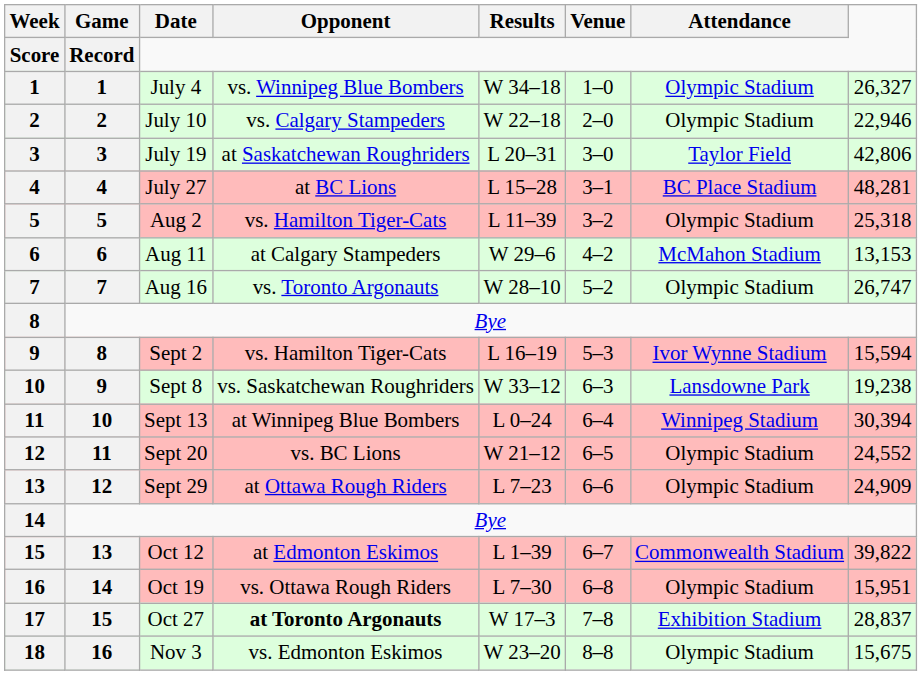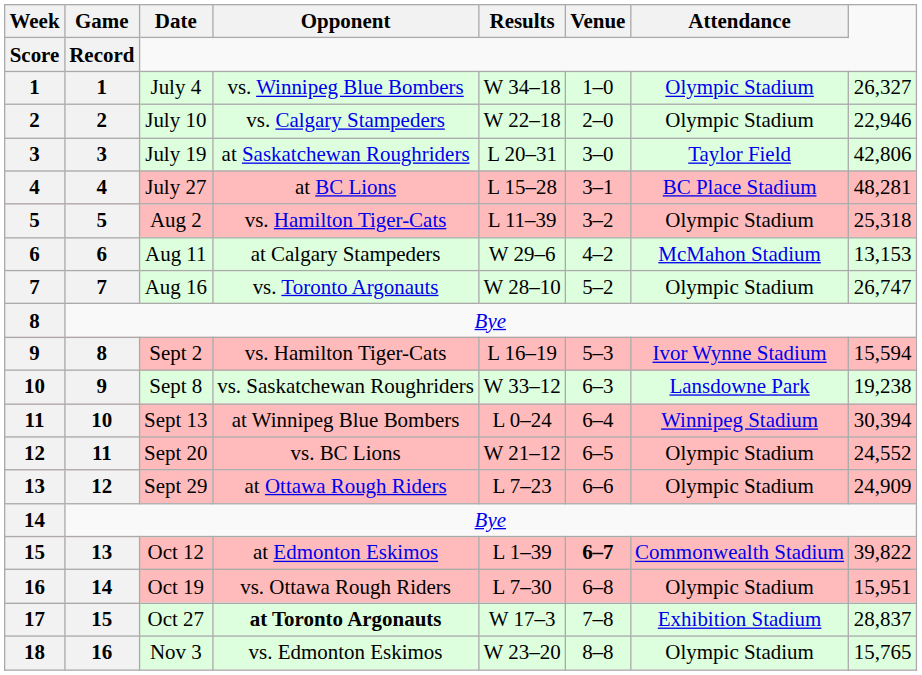 <table class="wikitable" style="text-align:center">
 <tr>
 <th>Week</th>
 <th>Game</th>
 <th>Date</th>
 <th>Opponent</th>
 <th>Results</th>
 <th>Venue</th>
 <th>Attendance</th>
 </tr>
 <tr>
 <th>Score</th>
 <th>Record</th>
 </tr>
 <tr style="background:#ddffdd">
 <th>1</th>
 <th>1</th>
 <td>July 4</td>
 <td>vs. <a href='#'>Winnipeg Blue Bombers</a></td>
 <td>W 34–18</td>
 <td>1–0</td>
 <td><a href='#'>Olympic Stadium</a></td>
 <td>26,327</td>
 </tr>
 <tr style="background:#ddffdd">
 <th>2</th>
 <th>2</th>
 <td>July 10</td>
 <td>vs. <a href='#'>Calgary Stampeders</a></td>
 <td>W 22–18</td>
 <td>2–0</td>
 <td>Olympic Stadium</td>
 <td>22,946</td>
 </tr>
 <tr style="background:#ddffdd">
 <th>3</th>
 <th>3</th>
 <td>July 19</td>
 <td>at <a href='#'>Saskatchewan Roughriders</a></td>
 <td>L 20–31</td>
 <td>3–0</td>
 <td><a href='#'>Taylor Field</a></td>
 <td>42,806</td>
 </tr>
 <tr style="background:#ffbbbb">
 <th>4</th>
 <th>4</th>
 <td>July 27</td>
 <td>at <a href='#'>BC Lions</a></td>
 <td>L 15–28</td>
 <td>3–1</td>
 <td><a href='#'>BC Place Stadium</a></td>
 <td>48,281</td>
 </tr>
 <tr style="background:#ffbbbb">
 <th>5</th>
 <th>5</th>
 <td>Aug 2</td>
 <td>vs. <a href='#'>Hamilton Tiger-Cats</a></td>
 <td>L 11–39</td>
 <td>3–2</td>
 <td>Olympic Stadium</td>
 <td>25,318</td>
 </tr>
 <tr style="background:#ddffdd">
 <th>6</th>
 <th>6</th>
 <td>Aug 11</td>
 <td>at Calgary Stampeders</td>
 <td>W 29–6</td>
 <td>4–2</td>
 <td><a href='#'>McMahon Stadium</a></td>
 <td>13,153</td>
 </tr>
 <tr style="background:#ddffdd">
 <th>7</th>
 <th>7</th>
 <td>Aug 16</td>
 <td>vs. <a href='#'>Toronto Argonauts</a></td>
 <td>W 28–10</td>
 <td>5–2</td>
 <td>Olympic Stadium</td>
 <td>26,747</td>
 </tr>
 <tr>
 <th>8</th>
 <td colspan=7 align="center"><em><a href='#'>Bye</a></em></td>
 </tr>
 <tr style="background:#ffbbbb">
 <th>9</th>
 <th>8</th>
 <td>Sept 2</td>
 <td>vs. Hamilton Tiger-Cats</td>
 <td>L 16–19</td>
 <td>5–3</td>
 <td><a href='#'>Ivor Wynne Stadium</a></td>
 <td>15,594</td>
 </tr>
 <tr style="background:#ddffdd">
 <th>10</th>
 <th>9</th>
 <td>Sept 8</td>
 <td>vs. Saskatchewan Roughriders</td>
 <td>W 33–12</td>
 <td>6–3</td>
 <td><a href='#'>Lansdowne Park</a></td>
 <td>19,238</td>
 </tr>
 <tr style="background:#ffbbbb">
 <th>11</th>
 <th>10</th>
 <td>Sept 13</td>
 <td>at Winnipeg Blue Bombers</td>
 <td>L 0–24</td>
 <td>6–4</td>
 <td><a href='#'>Winnipeg Stadium</a></td>
 <td>30,394</td>
 </tr>
 <tr style="background:#ffbbbb">
 <th>12</th>
 <th>11</th>
 <td>Sept 20</td>
 <td>vs. BC Lions</td>
 <td>W 21–12</td>
 <td>6–5</td>
 <td>Olympic Stadium</td>
 <td>24,552</td>
 </tr>
 <tr style="background:#ffbbbb">
 <th>13</th>
 <th>12</th>
 <td>Sept 29</td>
 <td>at <a href='#'>Ottawa Rough Riders</a></td>
 <td>L 7–23</td>
 <td>6–6</td>
 <td>Olympic Stadium</td>
 <td>24,909</td>
 </tr>
 <tr>
 <th>14</th>
 <td colspan=7><em><a href='#'>Bye</a></em></td>
 </tr>
 <tr style="background:#ffbbbb">
 <th>15</th>
 <th>13</th>
 <td>Oct 12</td>
 <td>at <a href='#'>Edmonton Eskimos</a></td>
 <td>L 1–39</td>
-<td>6–7</td>
+<td><strong>6–7</strong></td>
 <td><a href='#'>Commonwealth Stadium</a></td>
 <td>39,822</td>
 </tr>
 <tr style="background:#ffbbbb">
 <th>16</th>
 <th>14</th>
 <td>Oct 19</td>
 <td>vs. Ottawa Rough Riders</td>
 <td>L 7–30</td>
 <td>6–8</td>
 <td>Olympic Stadium</td>
 <td>15,951</td>
 </tr>
 <tr style="background:#ddffdd">
 <th>17</th>
 <th>15</th>
 <td>Oct 27</td>
 <td><strong>at Toronto Argonauts</strong></td>
 <td>W 17–3</td>
 <td>7–8</td>
 <td><a href='#'>Exhibition Stadium</a></td>
 <td>28,837</td>
 </tr>
 <tr style="background:#ddffdd">
 <th>18</th>
 <th>16</th>
 <td>Nov 3</td>
 <td>vs. Edmonton Eskimos</td>
 <td>W 23–20</td>
 <td>8–8</td>
 <td>Olympic Stadium</td>
-<td>15,675</td>
+<td>15,765</td>
 </tr>
 </table>
